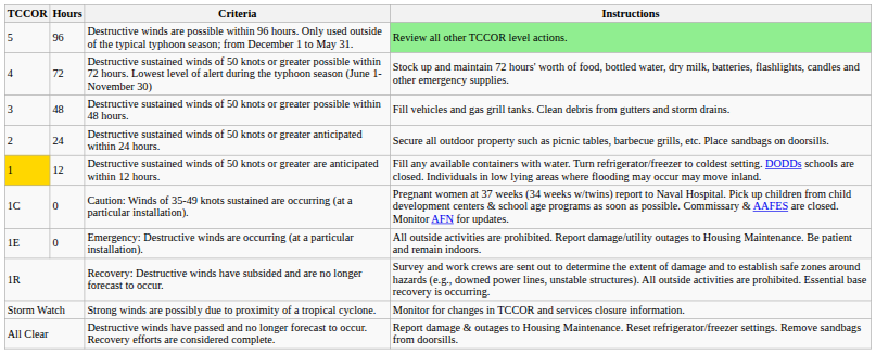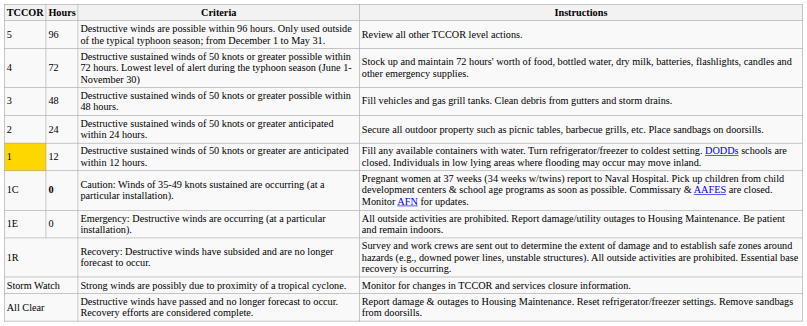 <table class="wikitable">
 <tr>
 <th>TCCOR</th>
 <th>Hours</th>
 <th>Criteria</th>
 <th>Instructions</th>
 </tr>
 <tr>
 <td>5</td>
 <td>96</td>
 <td>Destructive winds are possible within 96 hours. Only used outside of the typical typhoon season; from December 1 to May 31.</td>
-<td style="background: lightgreen;">Review all other TCCOR level actions.</td>
+<td>Review all other TCCOR level actions.</td>
 </tr>
 <tr>
 <td>4</td>
 <td>72</td>
 <td>Destructive sustained winds of 50 knots or greater possible within 72 hours. Lowest level of alert during the typhoon season (June 1-November 30)</td>
 <td>Stock up and maintain 72 hours' worth of food, bottled water, dry milk, batteries, flashlights, candles and other emergency supplies.</td>
 </tr>
 <tr>
 <td>3</td>
 <td>48</td>
 <td>Destructive sustained winds of 50 knots or greater possible within 48 hours.</td>
 <td>Fill vehicles and gas grill tanks. Clean debris from gutters and storm drains.</td>
 </tr>
 <tr>
 <td>2</td>
 <td>24</td>
 <td>Destructive sustained winds of 50 knots or greater anticipated within 24 hours.</td>
 <td>Secure all outdoor property such as picnic tables, barbecue grills, etc. Place sandbags on doorsills.</td>
 </tr>
 <tr>
 <td style="background: gold;">1</td>
 <td>12</td>
 <td>Destructive sustained winds of 50 knots or greater are anticipated within 12 hours.</td>
 <td>Fill any available containers with water. Turn refrigerator/freezer to coldest setting. <a href='#'>DODDs</a> schools are closed. Individuals in low lying areas where flooding may occur may move inland.</td>
 </tr>
 <tr>
 <td>1C</td>
-<td>0</td>
+<td><strong>0</strong></td>
 <td>Caution: Winds of 35-49 knots sustained are occurring (at a particular installation).</td>
 <td>Pregnant women at 37 weeks (34 weeks w/twins) report to Naval Hospital. Pick up children from child development centers & school age programs as soon as possible. Commissary & <a href='#'>AAFES</a> are closed. Monitor <a href='#'>AFN</a> for updates.</td>
 </tr>
 <tr>
 <td>1E</td>
 <td>0</td>
 <td>Emergency: Destructive winds are occurring (at a particular installation).</td>
 <td>All outside activities are prohibited. Report damage/utility outages to Housing Maintenance. Be patient and remain indoors.</td>
 </tr>
 <tr>
 <td colspan=2>1R</td>
 <td>Recovery: Destructive winds have subsided and are no longer forecast to occur.</td>
 <td>Survey and work crews are sent out to determine the extent of damage and to establish safe zones around hazards (e.g., downed power lines, unstable structures).  All outside activities are prohibited. Essential base recovery is occurring.</td>
 </tr>
 <tr>
 <td colspan=2>Storm Watch</td>
 <td>Strong winds are possibly due to proximity of a tropical cyclone.</td>
 <td>Monitor for changes in TCCOR and services closure information.</td>
 </tr>
 <tr>
 <td colspan=2>All Clear</td>
 <td>Destructive winds have passed and no longer forecast to occur. Recovery efforts are considered complete.</td>
 <td>Report damage & outages to Housing Maintenance. Reset refrigerator/freezer settings. Remove sandbags from doorsills.</td>
 </tr>
 </table>
